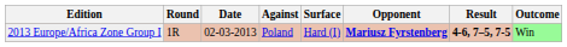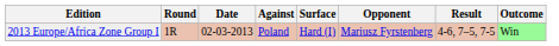 <table class="wikitable" style="font-size:97%;">
 <tr bgcolor="#eeeeee">
 <th>Edition</th>
 <th>Round</th>
 <th>Date</th>
 <th>Against</th>
 <th>Surface</th>
 <th>Opponent</th>
 <th>Result</th>
 <th>Outcome</th>
 </tr>
 <tr bgcolor=#EBC2AF>
 <td rowspan=2 bgcolor=#efefef><a href='#'>2013 Europe/Africa Zone Group I</a></td>
 <td rowspan=2>1R</td>
 <td>02-03-2013</td>
 <td rowspan=2> <a href='#'>Poland</a></td>
 <td rowspan=2><a href='#'>Hard (I)</a></td>
-<td><strong><a href='#'>Mariusz Fyrstenberg</a></strong></td>
-<td><strong>4-6, 7–5, 7-5</strong></td>
+<td><a href='#'>Mariusz Fyrstenberg</a></td>
+<td>4-6, 7–5, 7-5</td>
 <td bgcolor=98FB98>Win</td>
 </tr>
 </table>
